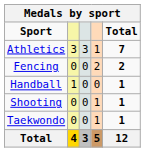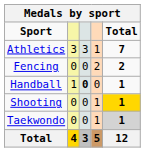 <table class="wikitable" style="font-size:85%">
 <tr style="background:#efefef;">
 <th colspan=7>Medals by sport</th>
 </tr>
 <tr align=center>
 <td><strong>Sport</strong></td>
 <td bgcolor=#f7f6a8></td>
 <td bgcolor=#dce5e5></td>
 <td bgcolor=#ffdab9></td>
 <td><strong>Total</strong></td>
 </tr>
 <tr align=center>
 <td><a href='#'>Athletics</a></td>
 <td style="background:#F7F6A8;">3</td>
 <td style="background:#DCE5E5;">3</td>
 <td style="background:#FFDAB9;">1</td>
 <td><strong>7</strong></td>
 </tr>
 <tr align=center>
 <td><a href='#'>Fencing</a></td>
 <td style="background:#F7F6A8;">0</td>
 <td style="background:#DCE5E5;">0</td>
 <td style="background:#FFDAB9;">2</td>
 <td><strong>2</strong></td>
 </tr>
 <tr align=center>
 <td><a href='#'>Handball</a></td>
 <td style="background:#F7F6A8;">1</td>
-<td style="background:#DCE5E5;">0</td>
+<td style="background:#DCE5E5;"><strong>0</strong></td>
 <td style="background:#FFDAB9;">0</td>
 <td><strong>1</strong></td>
 </tr>
 <tr align=center>
 <td><a href='#'>Shooting</a></td>
 <td style="background:#F7F6A8;">0</td>
 <td style="background:#DCE5E5;">0</td>
 <td style="background:#FFDAB9;">1</td>
-<td><strong>1</strong></td>
+<td style="background: gold;"><strong>1</strong></td>
 </tr>
 <tr align=center>
 <td><a href='#'>Taekwondo</a></td>
 <td style="background:#F7F6A8;">0</td>
 <td style="background:#DCE5E5;">0</td>
 <td style="background:#FFDAB9;">1</td>
-<td><strong>1</strong></td>
+<td style="background: lightgrey;"><strong>1</strong></td>
 </tr>
 <tr align=center>
 <th>Total</th>
 <th style="background:gold;">4</th>
 <th style="background:silver;">3</th>
 <th style="background:#c96;">5</th>
 <th>12</th>
 </tr>
 </table>
